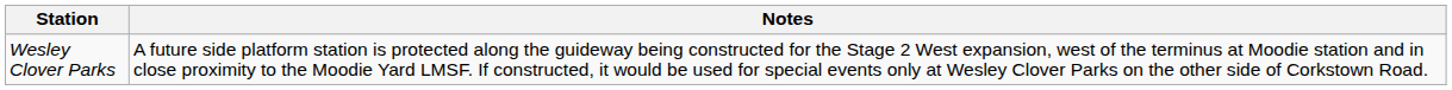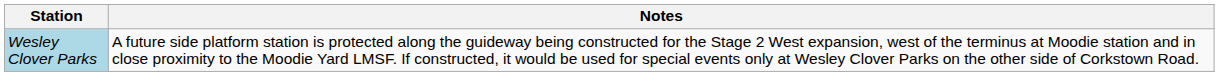 <table class="wikitable">
 <tr>
 <th>Station</th>
 <th>Notes</th>
 </tr>
 <tr>
-<td><em>Wesley Clover Parks</em></td>
+<td style="background: lightblue;"><em>Wesley Clover Parks</em></td>
 <td>A future side platform station is protected along the guideway being constructed for the Stage 2 West expansion, west of the terminus at Moodie station and in close proximity to the Moodie Yard LMSF. If constructed, it would be used for special events only at Wesley Clover Parks on the other side of Corkstown Road.</td>
 </tr>
 </table>
